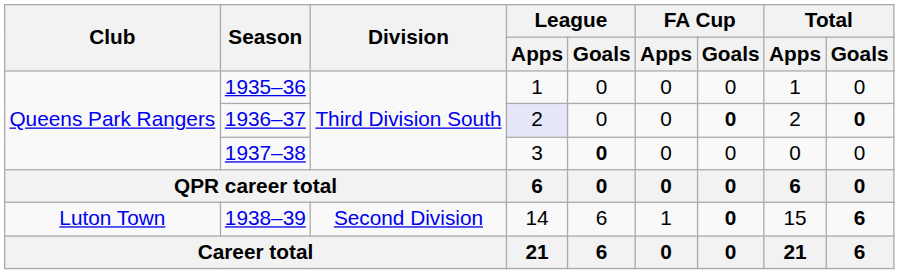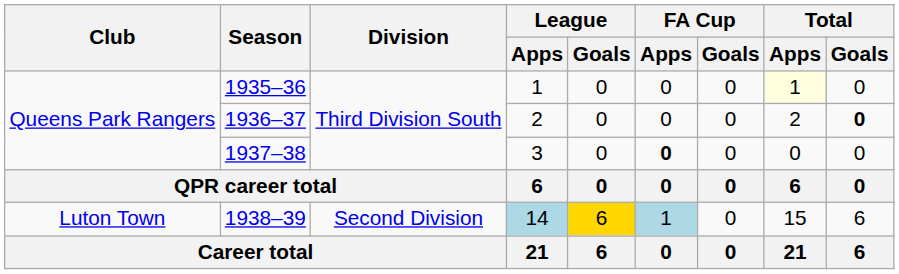 <table class="wikitable" style="text-align:center;">
 <tr>
 <th rowspan="2">Club</th>
 <th rowspan="2">Season</th>
 <th rowspan="2">Division</th>
 <th colspan="2">League</th>
 <th colspan="2">FA Cup</th>
 <th colspan="2">Total</th>
 </tr>
 <tr>
 <th>Apps</th>
 <th>Goals</th>
 <th>Apps</th>
 <th>Goals</th>
 <th>Apps</th>
 <th>Goals</th>
 </tr>
 <tr>
 <td rowspan="3"><a href='#'>Queens Park Rangers</a></td>
 <td><a href='#'>1935–36</a></td>
 <td rowspan="3"><a href='#'>Third Division South</a></td>
 <td>1</td>
 <td>0</td>
 <td>0</td>
 <td>0</td>
-<td>1</td>
+<td style="background: lightyellow;">1</td>
 <td>0</td>
 </tr>
 <tr>
 <td><a href='#'>1936–37</a></td>
-<td style="background: lavender;">2</td>
+<td>2</td>
 <td>0</td>
 <td>0</td>
-<td><strong>0</strong></td>
+<td>0</td>
 <td>2</td>
 <td><strong>0</strong></td>
 </tr>
 <tr>
 <td><a href='#'>1937–38</a></td>
 <td>3</td>
+<td>0</td>
 <td><strong>0</strong></td>
-<td>0</td>
 <td>0</td>
 <td>0</td>
 <td>0</td>
 </tr>
 <tr>
 <th colspan="3">QPR career total</th>
 <th>6</th>
 <th>0</th>
 <th>0</th>
 <th>0</th>
 <th>6</th>
 <th>0</th>
 </tr>
 <tr>
 <td><a href='#'>Luton Town</a></td>
 <td><a href='#'>1938–39</a></td>
 <td><a href='#'>Second Division</a></td>
-<td>14</td>
+<td style="background: lightblue;">14</td>
+<td style="background: gold;">6</td>
+<td style="background: lightblue;">1</td>
+<td>0</td>
+<td>15</td>
 <td>6</td>
-<td>1</td>
-<td><strong>0</strong></td>
-<td>15</td>
-<td><strong>6</strong></td>
 </tr>
 <tr>
 <th colspan="3">Career total</th>
 <th>21</th>
 <th>6</th>
 <th>0</th>
 <th>0</th>
 <th>21</th>
 <th>6</th>
 </tr>
 </table>
